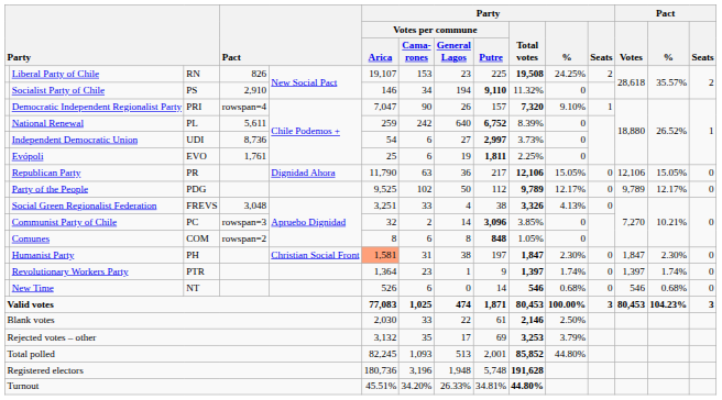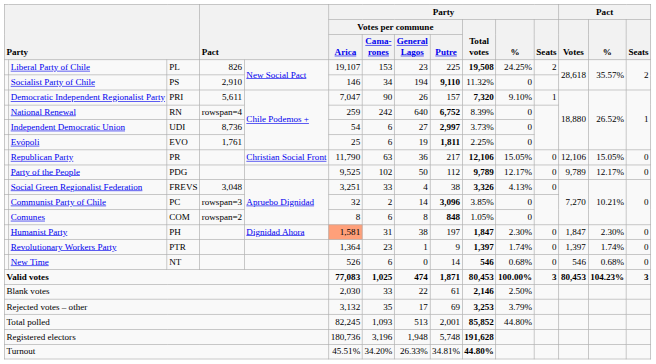 <table class="wikitable" border="1" style="font-size:90%; text-align:right; white-space: nowrap;">
 <tr>
 <th style="text-align:left;" valign=bottom rowspan=3 colspan=3>Party</th>
 <th style="text-align:left;" valign=bottom rowspan=3 colspan=2>Pact</th>
 <th colspan=7>Party</th>
 <th colspan=3>Pact</th>
 </tr>
 <tr>
 <th colspan=4>Votes per commune</th>
 <th align=center valign=bottom rowspan=2 width="40">Total<br>votes</th>
 <th align=center valign=bottom rowspan=2 width="40">%</th>
 <th align=center valign=bottom rowspan=2>Seats</th>
 <th align=center valign=bottom rowspan=2 width="40">Votes</th>
 <th align=center valign=bottom rowspan=2 width="40">%</th>
 <th align=center valign=bottom rowspan=2>Seats</th>
 </tr>
 <tr>
 <th align=center valign=bottom width="40"><a href='#'>Arica</a></th>
 <th align=center valign=bottom width="40"><a href='#'>Cama-<br>rones</a></th>
 <th align=center valign=bottom width="40"><a href='#'>General<br>Lagos</a></th>
 <th align=center valign=bottom width="40"><a href='#'>Putre</a></th>
 </tr>
 <tr>
 <td></td>
 <td align=left><a href='#'>Liberal Party of Chile</a></td>
-<td align=left>RN</td>
+<td align=left>PL</td>
 <td>826</td>
 <td rowspan=2 align=left><a href='#'>New Social Pact</a></td>
 <td>19,107</td>
 <td>153</td>
 <td>23</td>
 <td>225</td>
 <td><strong>19,508</strong></td>
 <td>24.25%</td>
 <td>2</td>
 <td rowspan=2>28,618</td>
 <td rowspan=2>35.57%</td>
 <td rowspan=2>2</td>
 </tr>
 <tr>
 <td></td>
 <td align=left><a href='#'>Socialist Party of Chile</a></td>
 <td align=left>PS</td>
 <td>2,910</td>
 <td>146</td>
 <td>34</td>
 <td>194</td>
 <td><strong>9,110</strong></td>
 <td>11.32%</td>
 <td>0</td>
 </tr>
 <tr>
 <td></td>
 <td align=left><a href='#'>Democratic Independent Regionalist Party</a></td>
 <td align=left>PRI</td>
-<td>rowspan=4 </td>
+<td>5,611</td>
 <td rowspan=4 align=left><a href='#'>Chile Podemos +</a></td>
 <td>7,047</td>
 <td>90</td>
 <td>26</td>
 <td>157</td>
 <td><strong>7,320</strong></td>
 <td>9.10%</td>
 <td>1</td>
 <td rowspan=4>18,880</td>
 <td rowspan=4>26.52%</td>
 <td rowspan=4>1</td>
 </tr>
 <tr>
 <td></td>
 <td align=left><a href='#'>National Renewal</a></td>
-<td align=left>PL</td>
-<td>5,611</td>
+<td align=left>RN</td>
+<td>rowspan=4 </td>
 <td>259</td>
 <td>242</td>
 <td>640</td>
 <td><strong>6,752</strong></td>
 <td>8.39%</td>
 <td>0</td>
 </tr>
 <tr>
 <td></td>
 <td align=left><a href='#'>Independent Democratic Union</a></td>
 <td align=left>UDI</td>
 <td>8,736</td>
 <td>54</td>
 <td>6</td>
 <td>27</td>
 <td><strong>2,997</strong></td>
 <td>3.73%</td>
 <td>0</td>
 </tr>
 <tr>
 <td></td>
 <td align=left><a href='#'>Evópoli</a></td>
 <td align=left>EVO</td>
 <td>1,761</td>
 <td>25</td>
 <td>6</td>
 <td>19</td>
 <td><strong>1,811</strong></td>
 <td>2.25%</td>
 <td>0</td>
 </tr>
 <tr>
 <td></td>
 <td align=left><a href='#'>Republican Party</a></td>
 <td align=left>PR</td>
 <td></td>
-<td align=left><a href='#'>Dignidad Ahora</a></td>
+<td align=left><a href='#'>Christian Social Front</a></td>
 <td>11,790</td>
 <td>63</td>
 <td>36</td>
 <td>217</td>
 <td><strong>12,106</strong></td>
 <td>15.05%</td>
 <td>0</td>
 <td>12,106</td>
 <td>15.05%</td>
 <td>0</td>
 </tr>
 <tr>
 <td></td>
 <td align=left><a href='#'>Party of the People</a></td>
 <td align=left>PDG</td>
 <td></td>
 <td></td>
 <td>9,525</td>
 <td>102</td>
 <td>50</td>
 <td>112</td>
 <td><strong>9,789</strong></td>
 <td>12.17%</td>
 <td>0</td>
 <td>9,789</td>
 <td>12.17%</td>
 <td>0</td>
 </tr>
 <tr>
 <td></td>
 <td align=left><a href='#'>Social Green Regionalist Federation</a></td>
 <td align=left>FREVS</td>
 <td>3,048</td>
 <td rowspan=3 align=left><a href='#'>Apruebo Dignidad</a></td>
 <td>3,251</td>
 <td>33</td>
 <td>4</td>
 <td>38</td>
 <td><strong>3,326</strong></td>
 <td>4.13%</td>
 <td>0</td>
 <td rowspan=3>7,270</td>
 <td rowspan=3>10.21%</td>
 <td rowspan=3>0</td>
 </tr>
 <tr>
 <td></td>
 <td align=left><a href='#'>Communist Party of Chile</a></td>
 <td align=left>PC</td>
 <td>rowspan=3 </td>
 <td>32</td>
 <td>2</td>
 <td>14</td>
 <td><strong>3,096</strong></td>
 <td>3.85%</td>
 <td>0</td>
 </tr>
 <tr>
 <td></td>
 <td align=left><a href='#'>Comunes</a></td>
 <td align=left>COM</td>
 <td>rowspan=2 </td>
 <td>8</td>
 <td>6</td>
 <td>8</td>
 <td><strong>848</strong></td>
 <td>1.05%</td>
 <td>0</td>
 </tr>
 <tr>
 <td></td>
 <td align=left><a href='#'>Humanist Party</a></td>
 <td align=left>PH</td>
 <td></td>
-<td align=left><a href='#'>Christian Social Front</a></td>
+<td align=left><a href='#'>Dignidad Ahora</a></td>
 <td style="background: lightsalmon;">1,581</td>
 <td>31</td>
 <td>38</td>
 <td>197</td>
 <td><strong>1,847</strong></td>
 <td>2.30%</td>
 <td>0</td>
 <td>1,847</td>
 <td>2.30%</td>
 <td>0</td>
 </tr>
 <tr>
 <td></td>
 <td align=left><a href='#'>Revolutionary Workers Party</a></td>
 <td align=left>PTR</td>
 <td></td>
 <td></td>
 <td>1,364</td>
 <td>23</td>
 <td>1</td>
 <td>9</td>
 <td><strong>1,397</strong></td>
 <td>1.74%</td>
 <td>0</td>
 <td>1,397</td>
 <td>1.74%</td>
 <td>0</td>
 </tr>
 <tr>
 <td></td>
 <td align=left><a href='#'>New Time</a></td>
 <td align=left>NT</td>
 <td></td>
 <td></td>
 <td>526</td>
 <td>6</td>
 <td>0</td>
 <td>14</td>
 <td><strong>546</strong></td>
 <td>0.68%</td>
 <td>0</td>
 <td>546</td>
 <td>0.68%</td>
 <td>0</td>
 </tr>
 <tr style="font-weight:bold">
 <td align=left colspan=5>Valid votes</td>
 <td>77,083</td>
 <td>1,025</td>
 <td>474</td>
 <td>1,871</td>
 <td>80,453</td>
 <td>100.00%</td>
 <td>3</td>
 <td>80,453</td>
 <td>104.23%</td>
 <td>3</td>
 </tr>
 <tr>
 <td align=left colspan=5>Blank votes</td>
 <td>2,030</td>
 <td>33</td>
 <td>22</td>
 <td>61</td>
 <td><strong>2,146</strong></td>
 <td>2.50%</td>
 <td></td>
 <td></td>
 <td></td>
 <td></td>
 </tr>
 <tr>
 <td align=left colspan=5>Rejected votes – other</td>
 <td>3,132</td>
 <td>35</td>
 <td>17</td>
 <td>69</td>
 <td><strong>3,253</strong></td>
 <td>3.79%</td>
 <td></td>
 <td></td>
 <td></td>
 <td></td>
 </tr>
 <tr>
 <td align=left colspan=5>Total polled</td>
 <td>82,245</td>
 <td>1,093</td>
 <td>513</td>
 <td>2,001</td>
 <td><strong>85,852</strong></td>
 <td>44.80%</td>
 <td></td>
 <td></td>
 <td></td>
 <td></td>
 </tr>
 <tr>
 <td align=left colspan=5>Registered electors</td>
 <td>180,736</td>
 <td>3,196</td>
 <td>1,948</td>
 <td>5,748</td>
 <td><strong>191,628</strong></td>
 <td></td>
 <td></td>
 <td></td>
 <td></td>
 <td></td>
 </tr>
 <tr>
 <td align=left colspan=5>Turnout</td>
 <td>45.51%</td>
 <td>34.20%</td>
 <td>26.33%</td>
 <td>34.81%</td>
 <td><strong>44.80%</strong></td>
 <td></td>
 <td></td>
 <td></td>
 <td></td>
 <td></td>
 </tr>
 </table>
